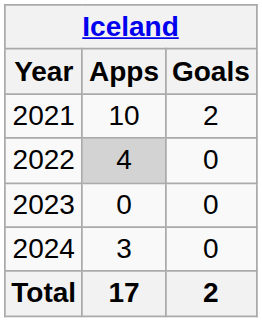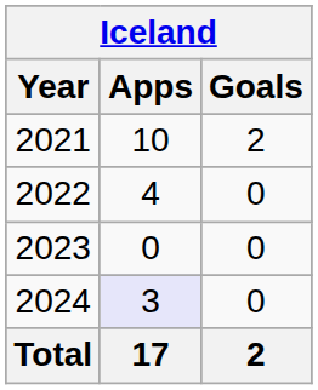 <table class="wikitable" style="text-align:center">
 <tr>
 <th colspan=3><a href='#'>Iceland</a></th>
 </tr>
 <tr>
 <th>Year</th>
 <th>Apps</th>
 <th>Goals</th>
 </tr>
 <tr>
 <td>2021</td>
 <td>10</td>
 <td>2</td>
 </tr>
 <tr>
 <td>2022</td>
-<td style="background: lightgrey;">4</td>
+<td>4</td>
 <td>0</td>
 </tr>
 <tr>
 <td>2023</td>
 <td>0</td>
 <td>0</td>
 </tr>
 <tr>
 <td>2024</td>
-<td>3</td>
+<td style="background: lavender;">3</td>
 <td>0</td>
 </tr>
 <tr>
 <th>Total</th>
 <th>17</th>
 <th>2</th>
 </tr>
 </table>
